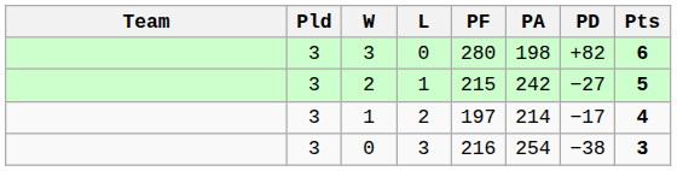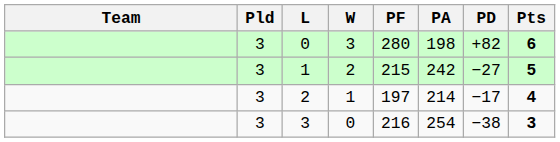 <table class=wikitable style="text-align:center">
 <tr>
 <th width=180>Team</th>
 <th width=30>Pld</th>
+<th width=30>L</th>
 <th width=30>W</th>
-<th width=30>L</th>
 <th width=30>PF</th>
 <th width=30>PA</th>
 <th width=30>PD</th>
 <th width=30>Pts</th>
 </tr>
 <tr bgcolor="#ccffcc">
 <td align="left"></td>
 <td>3</td>
+<td>0</td>
 <td>3</td>
-<td>0</td>
 <td>280</td>
 <td>198</td>
 <td>+82</td>
 <td><strong>6</strong></td>
 </tr>
 <tr bgcolor="#ccffcc">
 <td align="left"></td>
 <td>3</td>
+<td>1</td>
 <td>2</td>
-<td>1</td>
 <td>215</td>
 <td>242</td>
 <td>−27</td>
 <td><strong>5</strong></td>
 </tr>
 <tr>
 <td align="left"></td>
 <td>3</td>
+<td>2</td>
 <td>1</td>
-<td>2</td>
 <td>197</td>
 <td>214</td>
 <td>−17</td>
 <td><strong>4</strong></td>
 </tr>
 <tr>
 <td align="left"></td>
 <td>3</td>
+<td>3</td>
 <td>0</td>
-<td>3</td>
 <td>216</td>
 <td>254</td>
 <td>−38</td>
 <td><strong>3</strong></td>
 </tr>
 </table>
